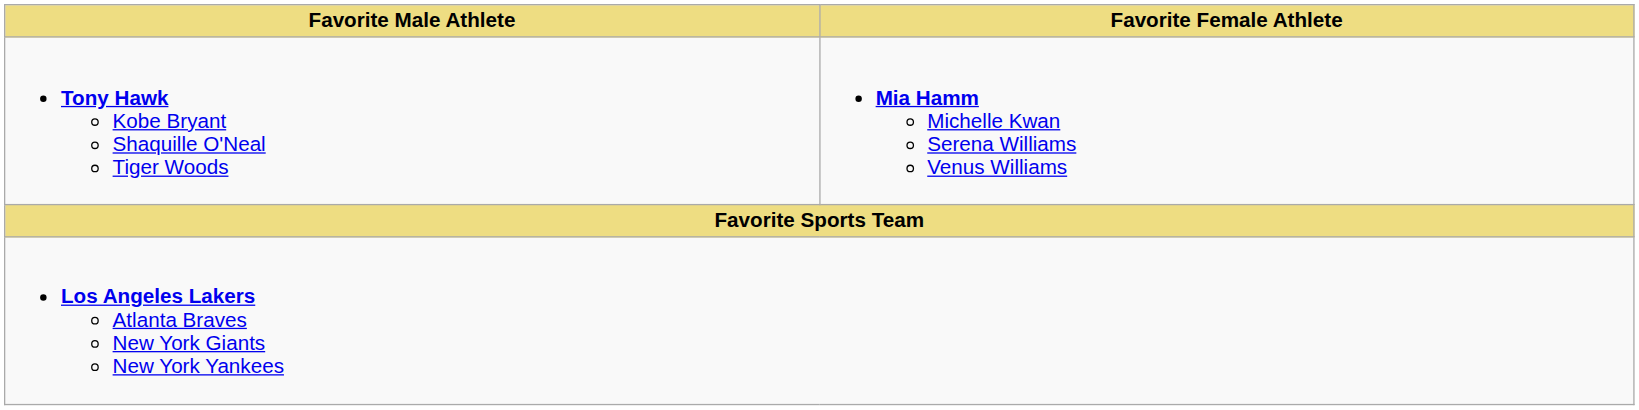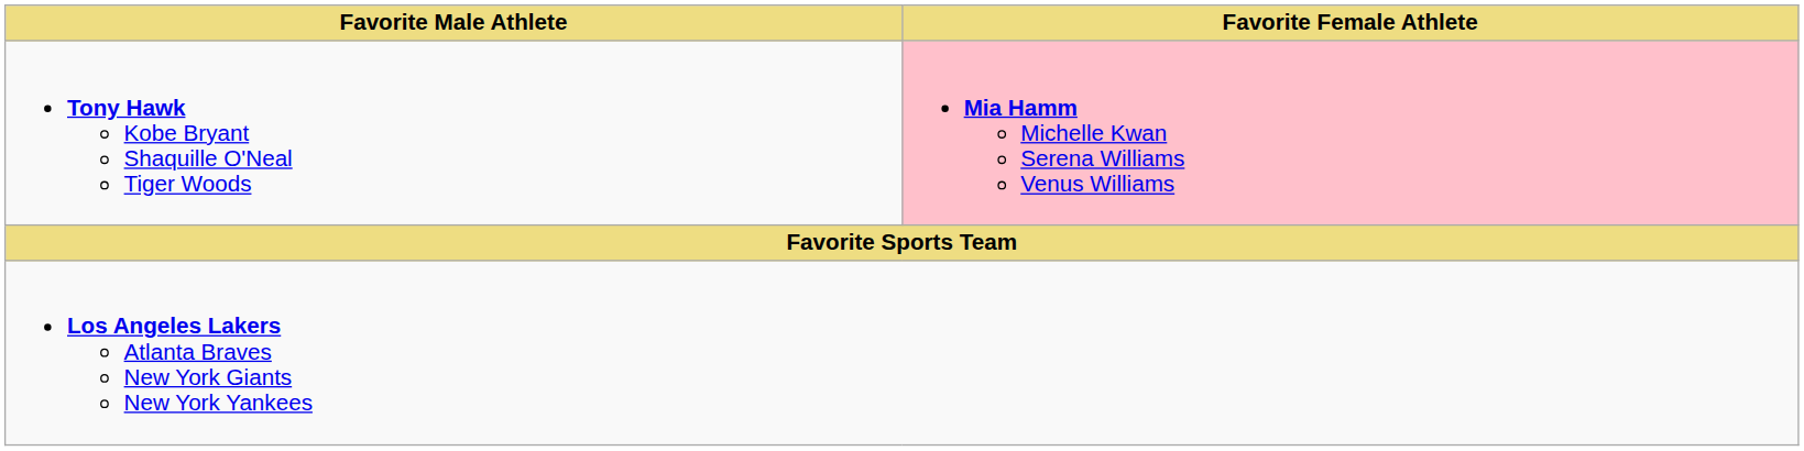 <table class="wikitable" style="width:100%">
 <tr>
 <th style="background:#EEDD82; width:50%">Favorite Male Athlete</th>
 <th style="background:#EEDD82; width:50%">Favorite Female Athlete</th>
 </tr>
 <tr>
 <td valign="top"><br><ul><li><strong><a href='#'>Tony Hawk</a></strong><ul><li><a href='#'>Kobe Bryant</a></li><li><a href='#'>Shaquille O'Neal</a></li><li><a href='#'>Tiger Woods</a></li></ul></li></ul></td>
-<td valign="top"><br><ul><li><strong><a href='#'>Mia Hamm</a></strong><ul><li><a href='#'>Michelle Kwan</a></li><li><a href='#'>Serena Williams</a></li><li><a href='#'>Venus Williams</a></li></ul></li></ul></td>
+<td valign="top" style="background: pink;"><br><ul><li><strong><a href='#'>Mia Hamm</a></strong><ul><li><a href='#'>Michelle Kwan</a></li><li><a href='#'>Serena Williams</a></li><li><a href='#'>Venus Williams</a></li></ul></li></ul></td>
 </tr>
 <tr>
 <th style="background:#EEDD82;" colspan="2">Favorite Sports Team</th>
 </tr>
 <tr>
 <td colspan="2" valign="top"><br><ul><li><strong><a href='#'>Los Angeles Lakers</a></strong><ul><li><a href='#'>Atlanta Braves</a></li><li><a href='#'>New York Giants</a></li><li><a href='#'>New York Yankees</a></li></ul></li></ul></td>
 </tr>
 </table>
